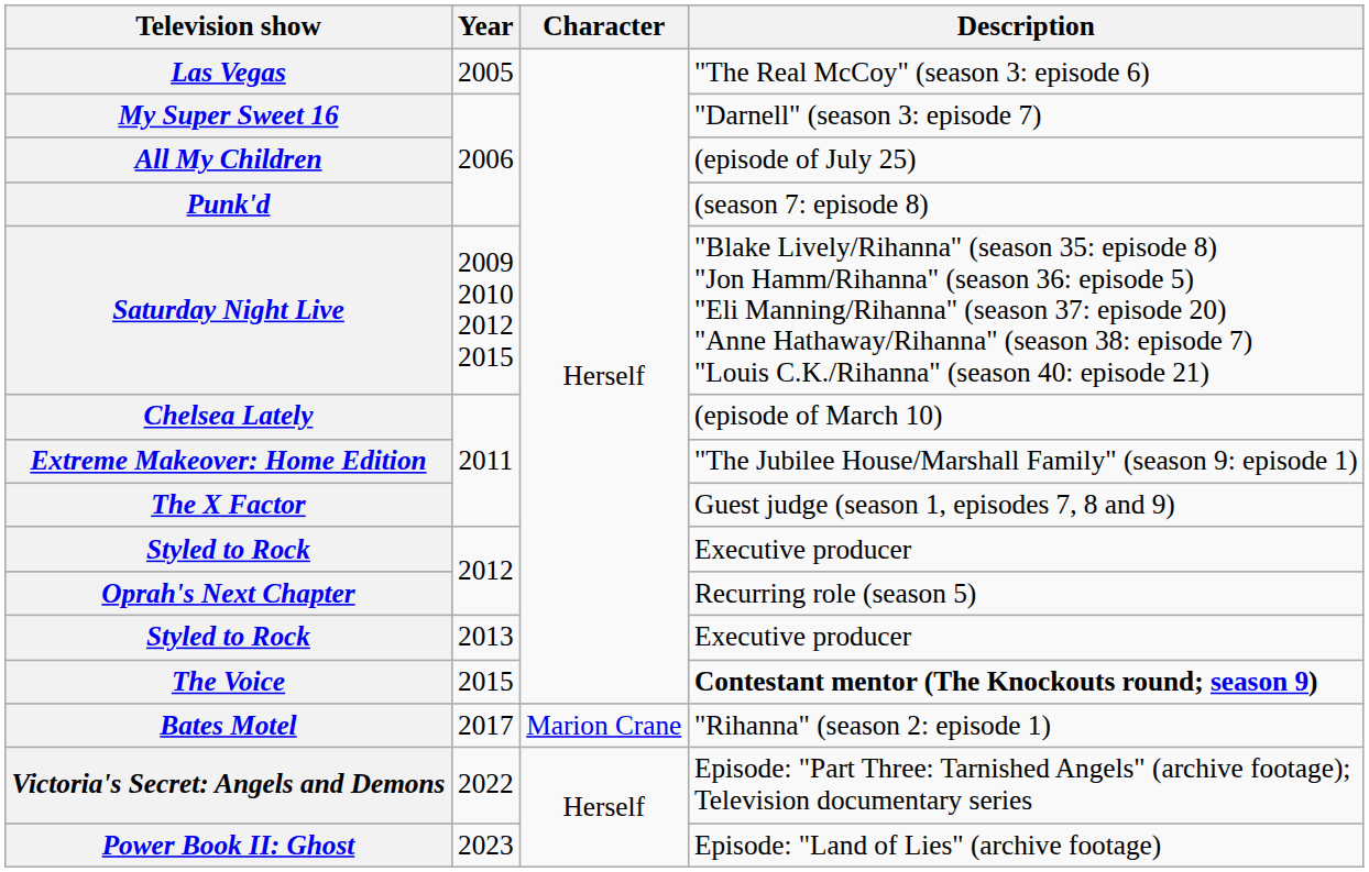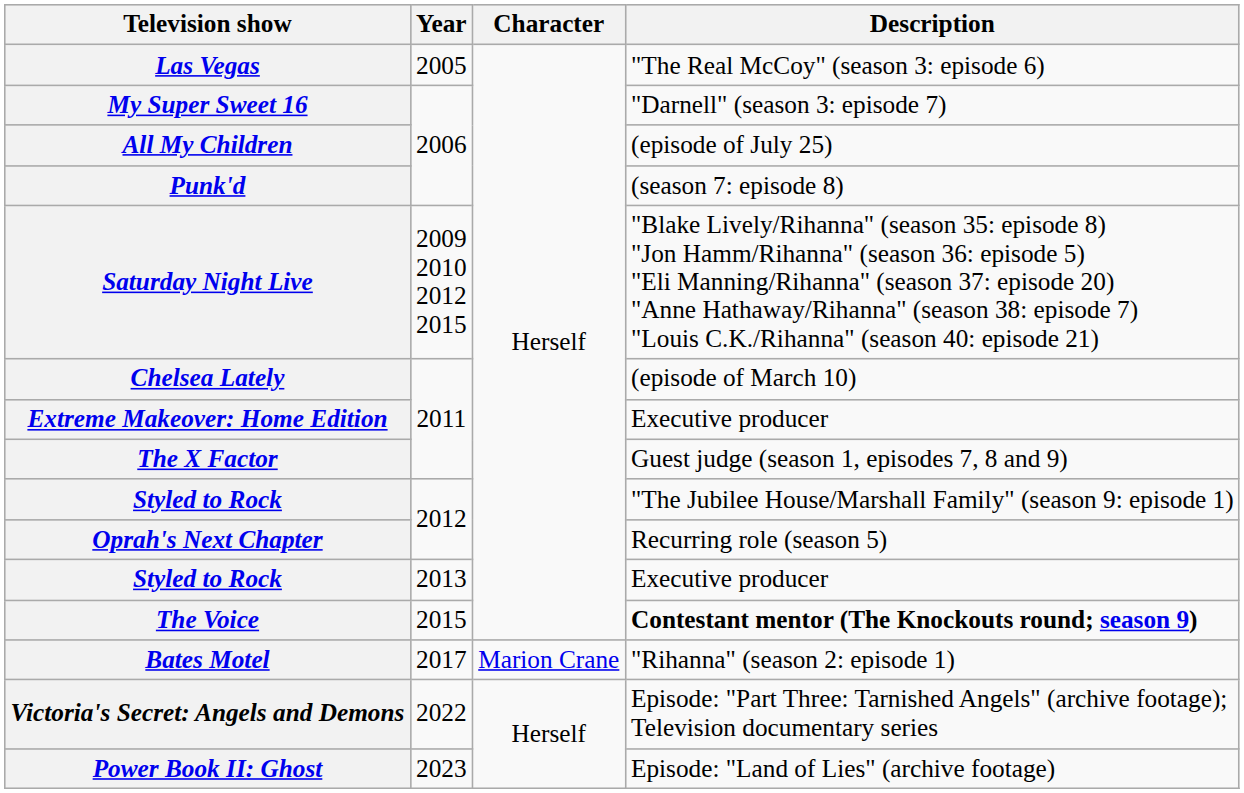 <table class="wikitable plainrowheaders sortable" style="text-align:center;">
 <tr>
 <th scope="col">Television show</th>
 <th scope="col">Year</th>
 <th scope="col">Character</th>
 <th scope="col" class="unsortable">Description</th>
 </tr>
 <tr>
 <th scope=row><em><a href='#'>Las Vegas</a></em></th>
 <td>2005</td>
 <td rowspan="12">Herself</td>
 <td style="text-align:left;">"The Real McCoy" (season 3: episode 6)</td>
 </tr>
 <tr>
 <th scope=row><em><a href='#'>My Super Sweet 16</a></em></th>
 <td rowspan="3">2006</td>
 <td style="text-align:left;">"Darnell" (season 3: episode 7)</td>
 </tr>
 <tr>
 <th scope=row><em><a href='#'>All My Children</a></em></th>
 <td style="text-align:left;">(episode of July 25)</td>
 </tr>
 <tr>
 <th scope=row><em><a href='#'>Punk'd</a></em></th>
 <td style="text-align:left;">(season 7: episode 8)</td>
 </tr>
 <tr>
 <th scope=row><em><a href='#'>Saturday Night Live</a></em></th>
 <td>2009<br>2010<br>2012<br>2015</td>
 <td style="text-align:left;">"Blake Lively/Rihanna" (season 35: episode 8)<br>"Jon Hamm/Rihanna" (season 36: episode 5)<br>"Eli Manning/Rihanna" (season 37: episode 20)<br>"Anne Hathaway/Rihanna" (season 38: episode 7)<br>"Louis C.K./Rihanna" (season 40: episode 21)</td>
 </tr>
 <tr>
 <th scope=row><em><a href='#'>Chelsea Lately</a></em></th>
 <td rowspan="3">2011</td>
 <td style="text-align:left;">(episode of March 10)</td>
 </tr>
 <tr>
 <th scope=row><em><a href='#'>Extreme Makeover: Home Edition</a></em></th>
-<td style="text-align:left;">"The Jubilee House/Marshall Family" (season 9: episode 1)</td>
+<td style="text-align:left;">Executive producer</td>
 </tr>
 <tr>
 <th scope=row><em><a href='#'>The X Factor</a></em></th>
 <td style="text-align:left;">Guest judge (season 1, episodes 7, 8 and 9)</td>
 </tr>
 <tr>
 <th scope=row><em><a href='#'>Styled to Rock</a></em></th>
 <td rowspan="2">2012</td>
-<td style="text-align:left;">Executive producer</td>
+<td style="text-align:left;">"The Jubilee House/Marshall Family" (season 9: episode 1)</td>
 </tr>
 <tr>
 <th scope=row><em><a href='#'>Oprah's Next Chapter</a></em></th>
 <td style="text-align:left;">Recurring role (season 5)</td>
 </tr>
 <tr>
 <th scope="row"><em><a href='#'>Styled to Rock</a></em></th>
 <td>2013</td>
 <td style="text-align:left;">Executive producer</td>
 </tr>
 <tr>
 <th scope=row><em><a href='#'>The Voice</a></em></th>
 <td>2015</td>
 <td style="text-align:left;"><strong>Contestant mentor (The Knockouts round; <a href='#'>season 9</a>)</strong></td>
 </tr>
 <tr>
 <th scope="row"><em><a href='#'>Bates Motel</a></em></th>
 <td>2017</td>
 <td><a href='#'>Marion Crane</a></td>
 <td style="text-align:left;">"Rihanna" (season 2: episode 1)</td>
 </tr>
 <tr>
 <th scope="row"><em>Victoria's Secret: Angels and Demons</em></th>
 <td>2022</td>
 <td rowspan="2">Herself</td>
 <td style="text-align:left;">Episode: "Part Three: Tarnished Angels" (archive footage); <br> Television documentary series</td>
 </tr>
 <tr>
 <th scope="row"><em><a href='#'>Power Book II: Ghost</a></em></th>
 <td>2023</td>
 <td style="text-align:left;">Episode: "Land of Lies" (archive footage)</td>
 </tr>
 <tr>
 </tr>
 </table>
